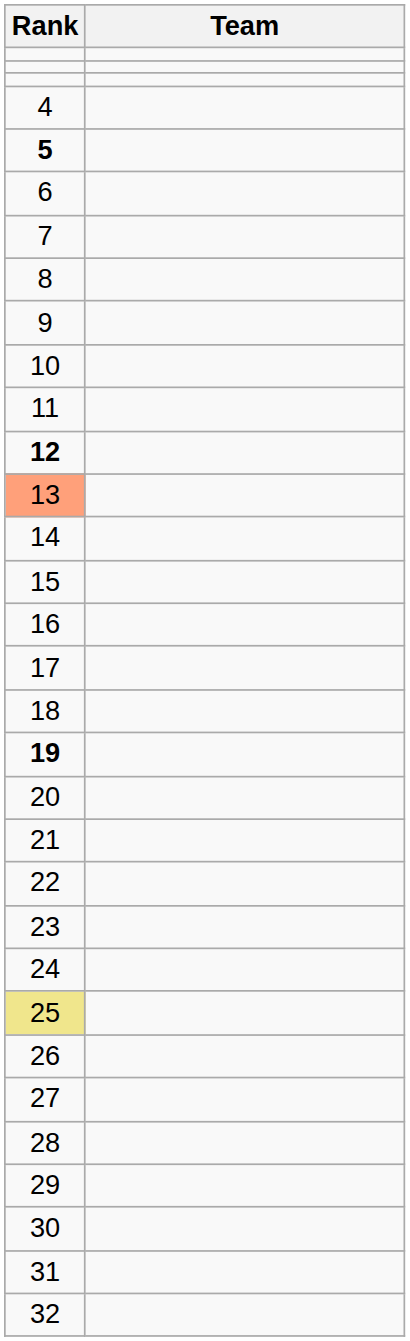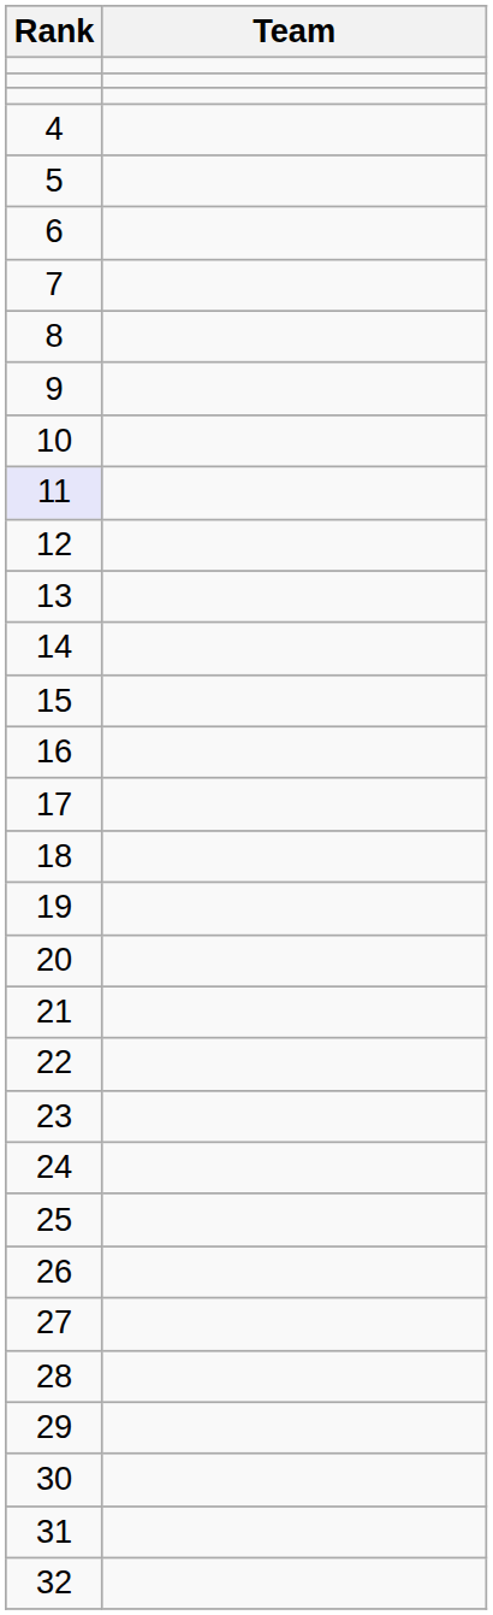 <table class="wikitable" style="text-align: center;">
 <tr>
 <th width=40>Rank</th>
 <th width=180>Team</th>
 </tr>
 <tr>
 <td></td>
 <td align=left></td>
 </tr>
 <tr>
 <td></td>
 <td align=left></td>
 </tr>
 <tr>
 <td></td>
 <td align=left></td>
 </tr>
 <tr>
 <td>4</td>
 <td align=left></td>
 </tr>
 <tr>
-<td><strong>5</strong></td>
+<td>5</td>
 <td align=left></td>
 </tr>
 <tr>
 <td>6</td>
 <td align=left></td>
 </tr>
 <tr>
 <td>7</td>
 <td align=left></td>
 </tr>
 <tr>
 <td>8</td>
 <td align=left></td>
 </tr>
 <tr>
 <td>9</td>
 <td align=left></td>
 </tr>
 <tr>
 <td>10</td>
 <td align=left></td>
 </tr>
 <tr>
-<td>11</td>
+<td style="background: lavender;">11</td>
 <td align=left></td>
 </tr>
 <tr>
-<td><strong>12</strong></td>
+<td>12</td>
 <td align=left></td>
 </tr>
 <tr>
-<td style="background: lightsalmon;">13</td>
+<td>13</td>
 <td align=left></td>
 </tr>
 <tr>
 <td>14</td>
 <td align=left></td>
 </tr>
 <tr>
 <td>15</td>
 <td align=left></td>
 </tr>
 <tr>
 <td>16</td>
 <td align=left></td>
 </tr>
 <tr>
 <td>17</td>
 <td align=left></td>
 </tr>
 <tr>
 <td>18</td>
 <td align=left></td>
 </tr>
 <tr>
-<td><strong>19</strong></td>
+<td>19</td>
 <td align=left></td>
 </tr>
 <tr>
 <td>20</td>
 <td align=left></td>
 </tr>
 <tr>
 <td>21</td>
 <td align=left></td>
 </tr>
 <tr>
 <td>22</td>
 <td align=left></td>
 </tr>
 <tr>
 <td>23</td>
 <td align=left></td>
 </tr>
 <tr>
 <td>24</td>
 <td align=left></td>
 </tr>
 <tr>
-<td style="background: khaki;">25</td>
+<td>25</td>
 <td align=left></td>
 </tr>
 <tr>
 <td>26</td>
 <td align=left></td>
 </tr>
 <tr>
 <td>27</td>
 <td align=left></td>
 </tr>
 <tr>
 <td>28</td>
 <td align=left></td>
 </tr>
 <tr>
 <td>29</td>
 <td align=left></td>
 </tr>
 <tr>
 <td>30</td>
 <td align=left></td>
 </tr>
 <tr>
 <td>31</td>
 <td align=left></td>
 </tr>
 <tr>
 <td>32</td>
 <td align=left></td>
 </tr>
 </table>
